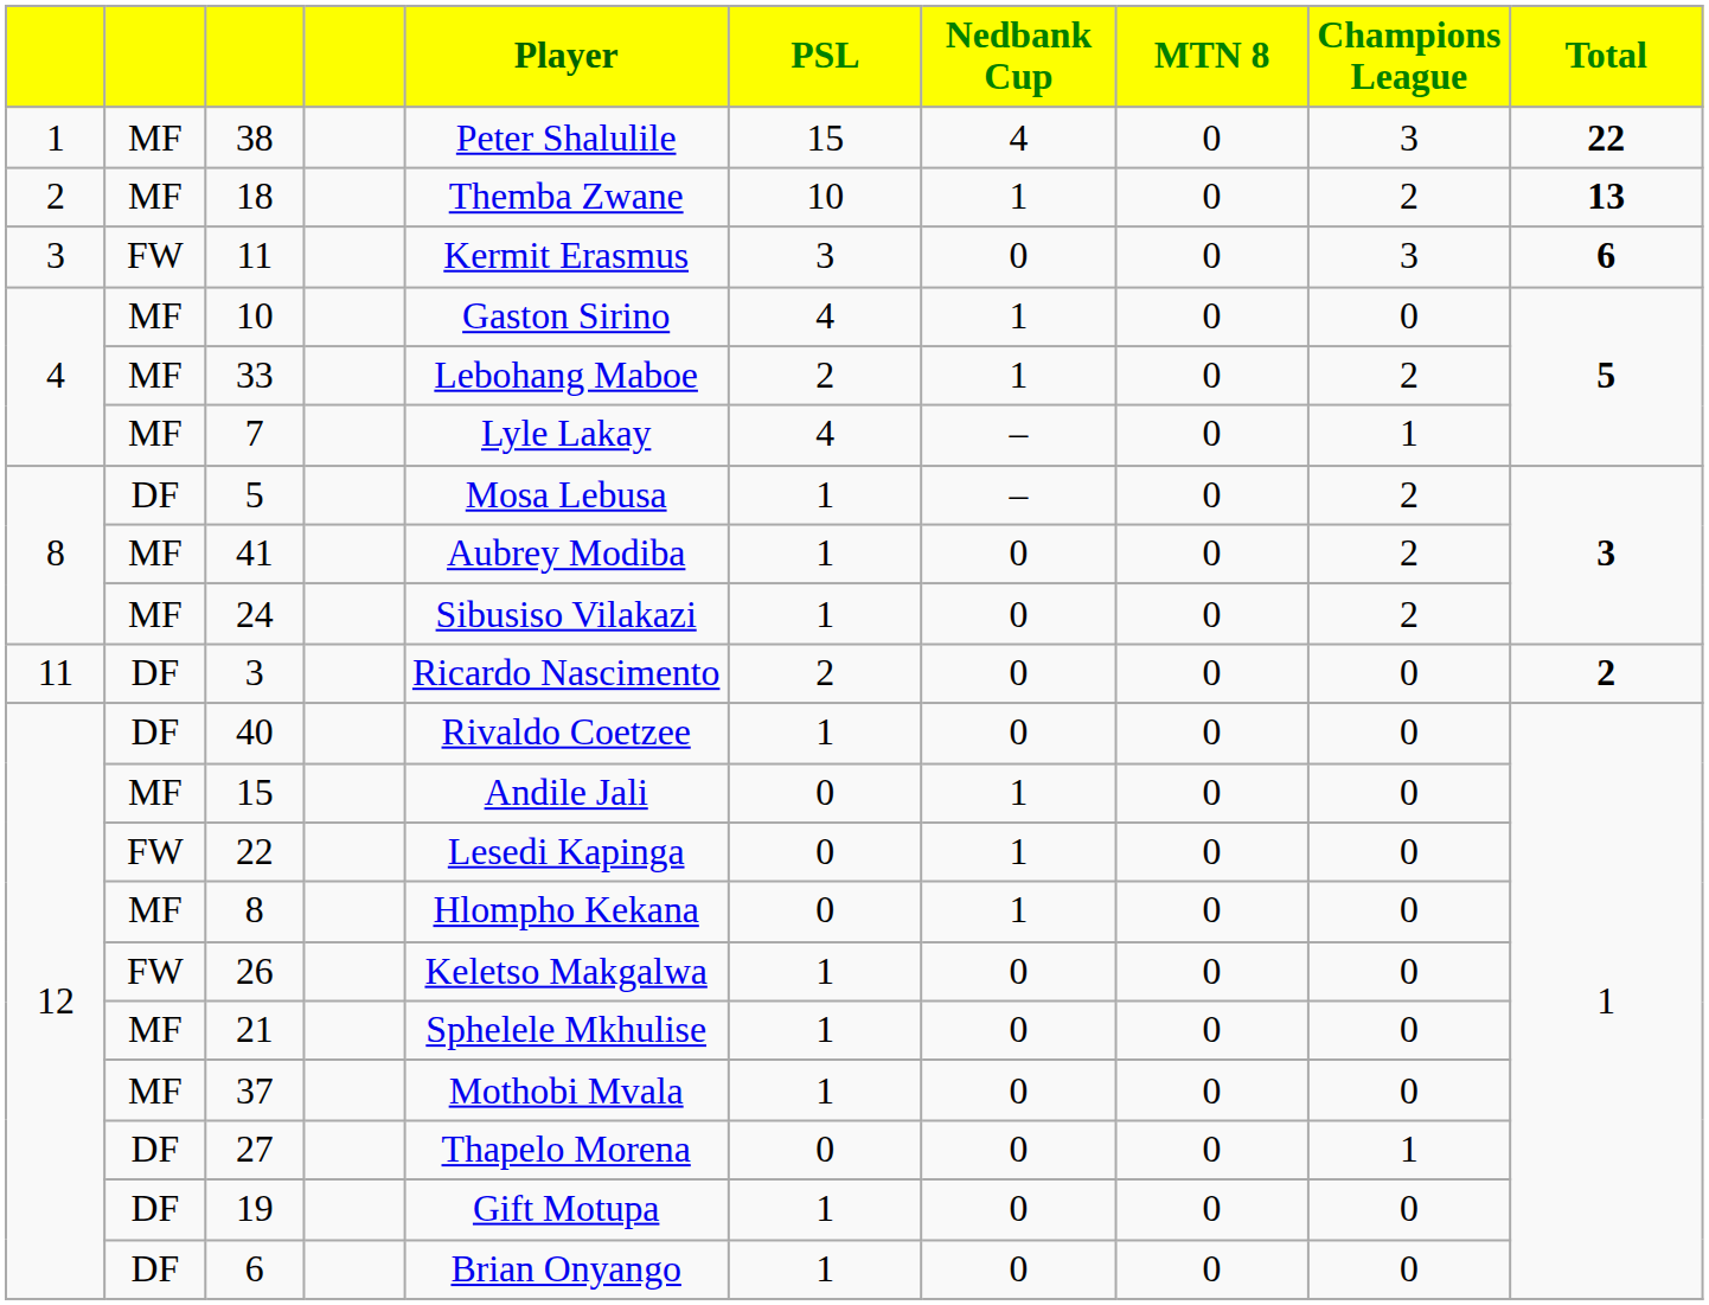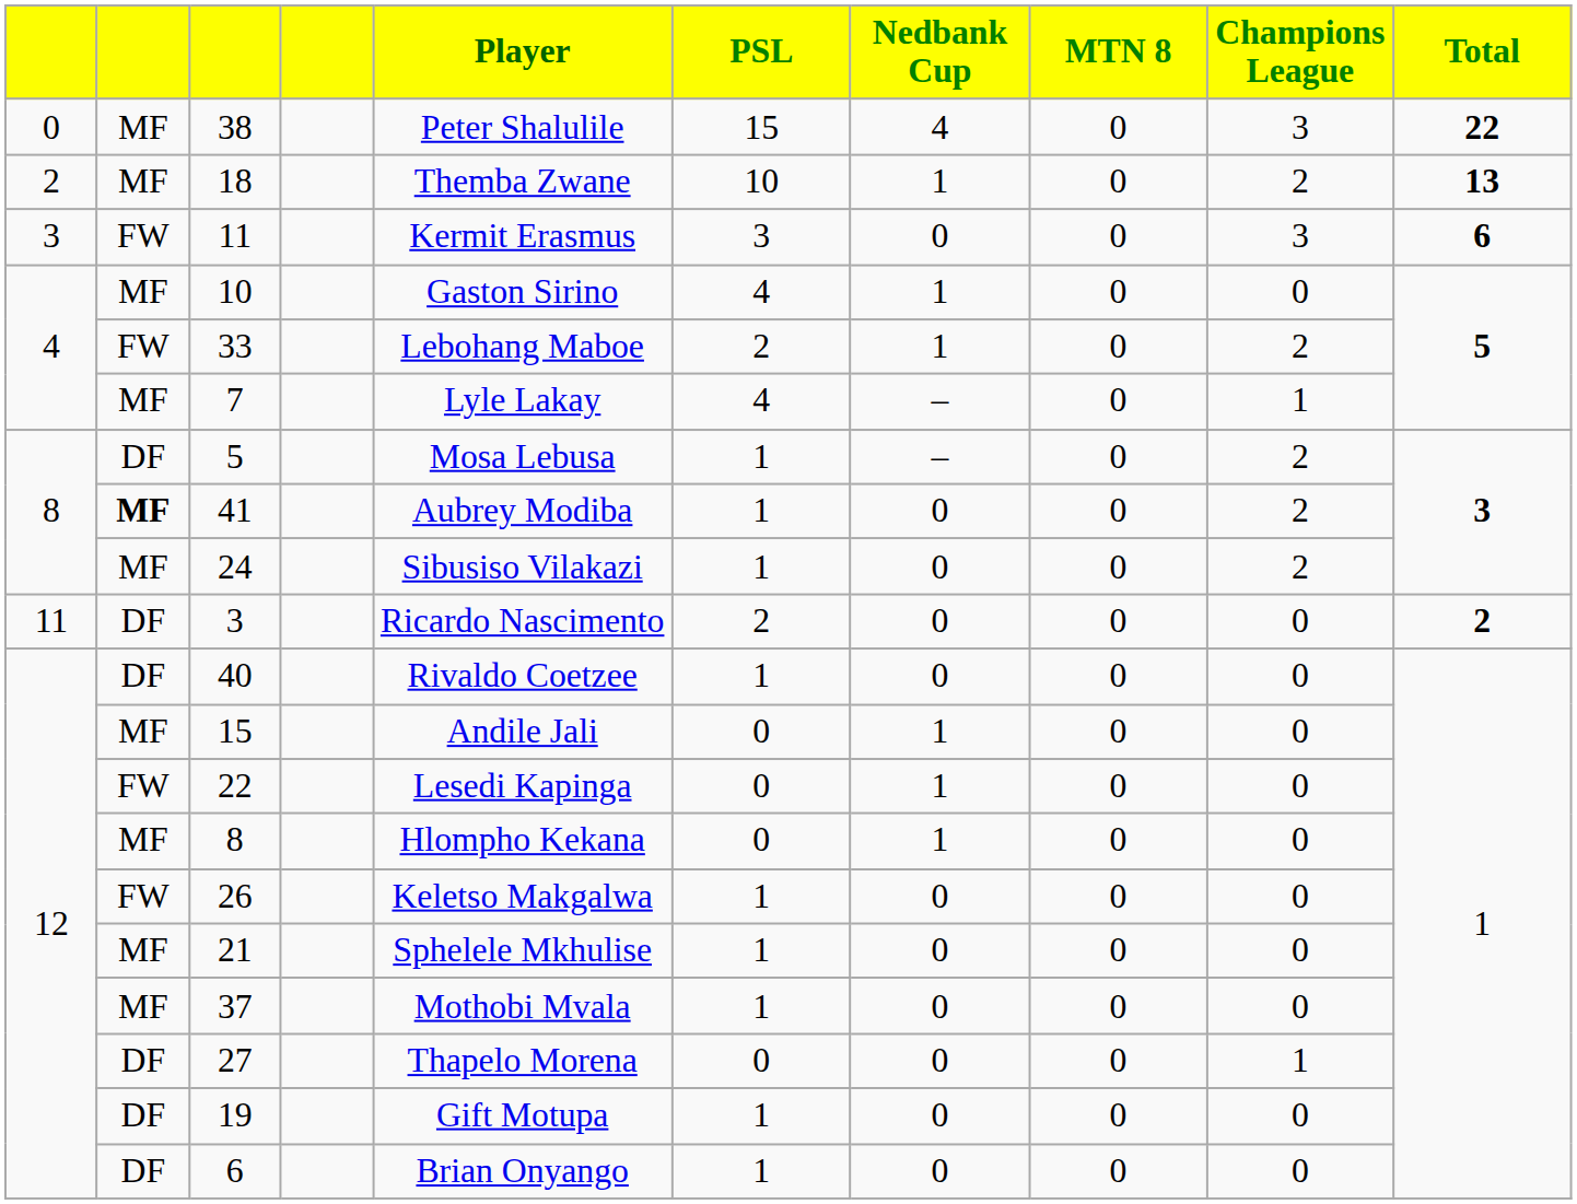 <table class="wikitable sortable" style="text-align:center;">
 <tr>
 <th style="background:#FDFF00;color:green; width:35px"></th>
 <th style="background:#FDFF00;color:green; width:35px"></th>
 <th style="background:#FDFF00;color:green; width:35px"></th>
 <th style="background:#FDFF00;color:green; width:35px"></th>
 <th style="background:#FDFF00;color:darkgreen;">Player</th>
 <th style="background:#FDFF00;color: green; width:75px">PSL</th>
 <th style="background:#FDFF01;color:green; width:75px">Nedbank Cup</th>
 <th style="background:#FDFF00;color:green; width:75px">MTN 8</th>
 <th style="background:#FDFF00;color:green; width:75px">Champions League</th>
 <th style="background:#FDFF00;color:green; width:75px">Total</th>
 </tr>
 <tr>
-<td>1</td>
+<td>0</td>
 <td>MF</td>
 <td>38</td>
 <td></td>
 <td><a href='#'>Peter Shalulile</a></td>
 <td>15</td>
 <td>4</td>
 <td>0</td>
 <td>3</td>
 <td><strong>22</strong></td>
 </tr>
 <tr>
 <td>2</td>
 <td>MF</td>
 <td>18</td>
 <td></td>
 <td><a href='#'>Themba Zwane</a></td>
 <td>10</td>
 <td>1</td>
 <td>0</td>
 <td>2</td>
 <td><strong>13</strong></td>
 </tr>
 <tr>
 <td>3</td>
 <td>FW</td>
 <td>11</td>
 <td></td>
 <td><a href='#'>Kermit Erasmus</a></td>
 <td>3</td>
 <td>0</td>
 <td>0</td>
 <td>3</td>
 <td><strong>6</strong></td>
 </tr>
 <tr>
 <td rowspan="3">4</td>
 <td>MF</td>
 <td>10</td>
 <td></td>
 <td><a href='#'>Gaston Sirino</a></td>
 <td>4</td>
 <td>1</td>
 <td>0</td>
 <td>0</td>
 <td rowspan="3"><strong>5 </strong></td>
 </tr>
 <tr>
-<td>MF</td>
+<td>FW</td>
 <td>33</td>
 <td></td>
 <td><a href='#'>Lebohang Maboe</a></td>
 <td>2</td>
 <td>1</td>
 <td>0</td>
 <td>2</td>
 </tr>
 <tr>
 <td>MF</td>
 <td>7</td>
 <td></td>
 <td><a href='#'>Lyle Lakay</a></td>
 <td>4</td>
 <td>–</td>
 <td>0</td>
 <td>1</td>
 </tr>
 <tr>
 <td rowspan="3">8</td>
 <td>DF</td>
 <td>5</td>
 <td></td>
 <td><a href='#'>Mosa Lebusa</a></td>
 <td>1</td>
 <td>–</td>
 <td>0</td>
 <td>2</td>
 <td rowspan="3"><strong>3</strong></td>
 </tr>
 <tr>
-<td>MF</td>
+<td><strong>MF</strong></td>
 <td>41</td>
 <td></td>
 <td><a href='#'>Aubrey Modiba</a></td>
 <td>1</td>
 <td>0</td>
 <td>0</td>
 <td>2</td>
 </tr>
 <tr>
 <td>MF</td>
 <td>24</td>
 <td></td>
 <td><a href='#'>Sibusiso Vilakazi</a></td>
 <td>1</td>
 <td>0</td>
 <td>0</td>
 <td>2</td>
 </tr>
 <tr>
 <td>11</td>
 <td>DF</td>
 <td>3</td>
 <td></td>
 <td><a href='#'>Ricardo Nascimento</a></td>
 <td>2</td>
 <td>0</td>
 <td>0</td>
 <td>0</td>
 <td><strong>2</strong></td>
 </tr>
 <tr>
 <td rowspan="10">12</td>
 <td>DF</td>
 <td>40</td>
 <td></td>
 <td><a href='#'>Rivaldo Coetzee</a></td>
 <td>1</td>
 <td>0</td>
 <td>0</td>
 <td>0</td>
 <td rowspan="10">1</td>
 </tr>
 <tr>
 <td>MF</td>
 <td>15</td>
 <td></td>
 <td><a href='#'>Andile Jali</a></td>
 <td>0</td>
 <td>1</td>
 <td>0</td>
 <td>0</td>
 </tr>
 <tr>
 <td>FW</td>
 <td>22</td>
 <td></td>
 <td><a href='#'>Lesedi Kapinga</a></td>
 <td>0</td>
 <td>1</td>
 <td>0</td>
 <td>0</td>
 </tr>
 <tr>
 <td>MF</td>
 <td>8</td>
 <td></td>
 <td><a href='#'>Hlompho Kekana</a></td>
 <td>0</td>
 <td>1</td>
 <td>0</td>
 <td>0</td>
 </tr>
 <tr>
 <td>FW</td>
 <td>26</td>
 <td></td>
 <td><a href='#'>Keletso Makgalwa</a></td>
 <td>1</td>
 <td>0</td>
 <td>0</td>
 <td>0</td>
 </tr>
 <tr>
 <td>MF</td>
 <td>21</td>
 <td></td>
 <td><a href='#'>Sphelele Mkhulise</a></td>
 <td>1</td>
 <td>0</td>
 <td>0</td>
 <td>0</td>
 </tr>
 <tr>
 <td>MF</td>
 <td>37</td>
 <td></td>
 <td><a href='#'>Mothobi Mvala</a></td>
 <td>1</td>
 <td>0</td>
 <td>0</td>
 <td>0</td>
 </tr>
 <tr>
 <td>DF</td>
 <td>27</td>
 <td></td>
 <td><a href='#'>Thapelo Morena</a></td>
 <td>0</td>
 <td>0</td>
 <td>0</td>
 <td>1</td>
 </tr>
 <tr>
 <td>DF</td>
 <td>19</td>
 <td></td>
 <td><a href='#'>Gift Motupa</a></td>
 <td>1</td>
 <td>0</td>
 <td>0</td>
 <td>0</td>
 </tr>
 <tr>
 <td>DF</td>
 <td>6</td>
 <td></td>
 <td><a href='#'>Brian Onyango</a></td>
 <td>1</td>
 <td>0</td>
 <td>0</td>
 <td>0</td>
 </tr>
 </table>
